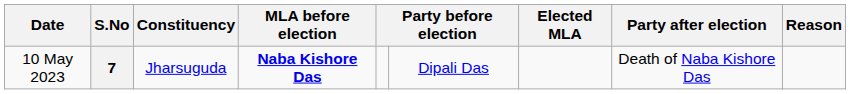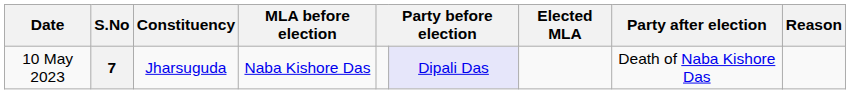 <table class="wikitable sortable" style="text-align:center;">
 <tr>
 <th>Date</th>
 <th>S.No</th>
 <th>Constituency</th>
 <th>MLA before election</th>
 <th colspan="2">Party before election</th>
 <th>Elected MLA</th>
 <th colspan="2">Party after election</th>
 <th>Reason</th>
 </tr>
 <tr>
 <td>10 May 2023</td>
 <th>7</th>
 <td><a href='#'>Jharsuguda</a></td>
-<td><strong><a href='#'>Naba Kishore Das</a></strong></td>
+<td><a href='#'>Naba Kishore Das</a></td>
 <td></td>
-<td><a href='#'>Dipali Das</a></td>
+<td style="background: lavender;"><a href='#'>Dipali Das</a></td>
 <td></td>
 <td>Death of <a href='#'>Naba Kishore Das</a></td>
 </tr>
 </table>
